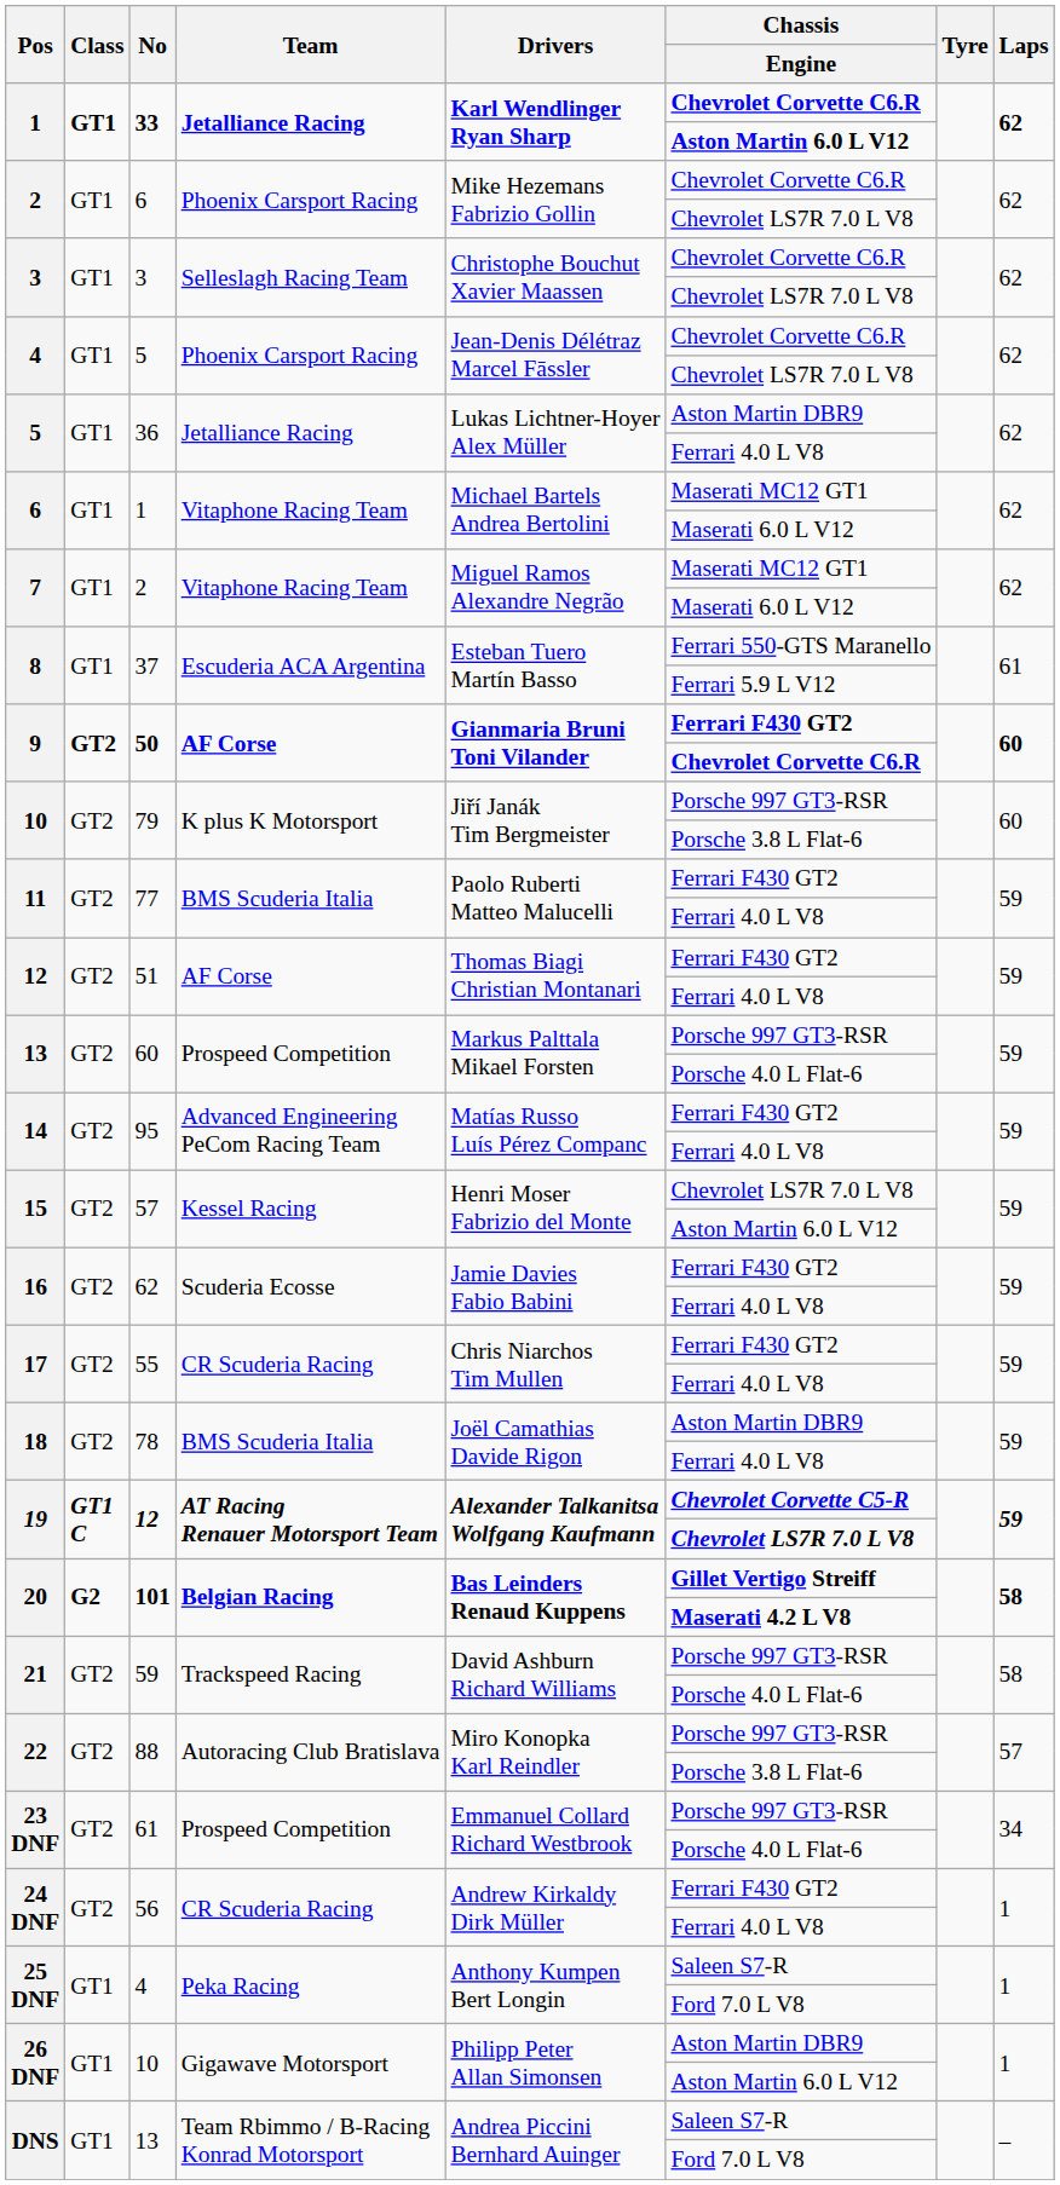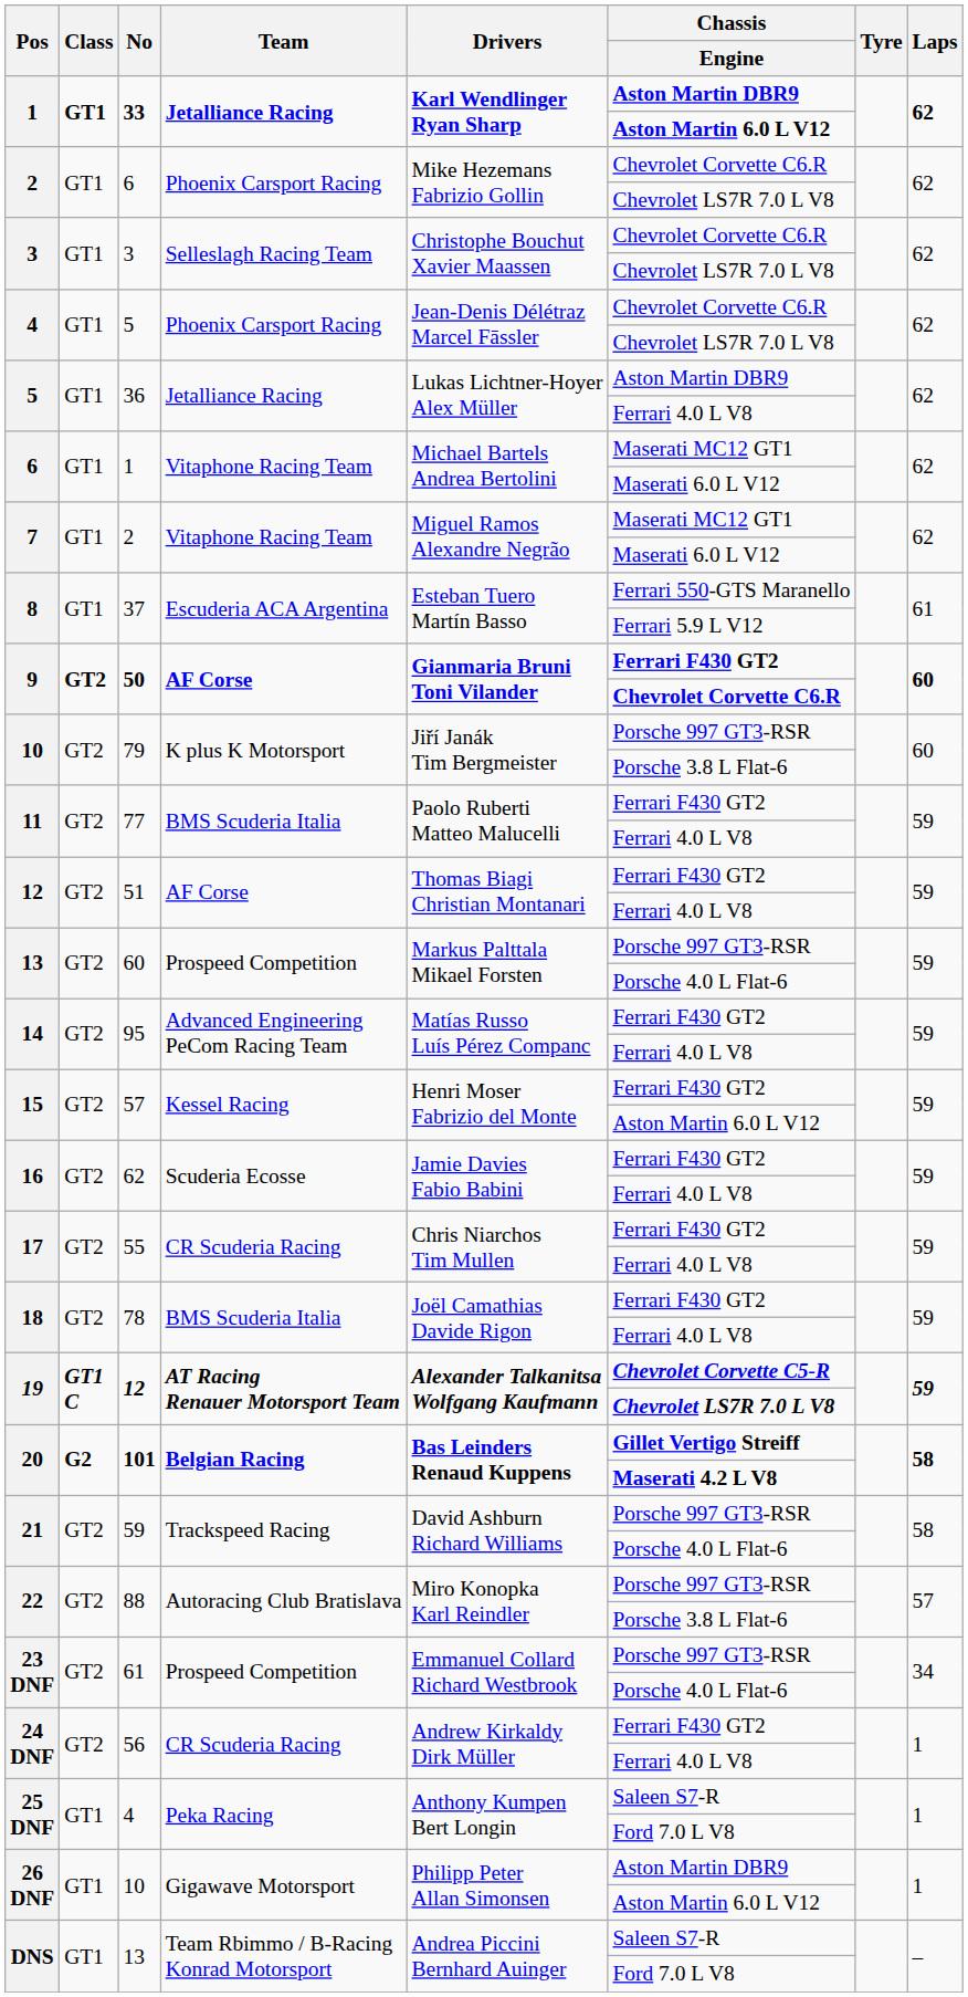 <table class="wikitable" style="font-size: 95%;">
 <tr>
 <th rowspan=2>Pos</th>
 <th rowspan=2>Class</th>
 <th rowspan=2>No</th>
 <th rowspan=2>Team</th>
 <th rowspan=2>Drivers</th>
 <th>Chassis</th>
 <th rowspan=2>Tyre</th>
 <th rowspan=2>Laps</th>
 </tr>
 <tr>
 <th>Engine</th>
 </tr>
 <tr style="font-weight:bold">
 <th rowspan=2>1</th>
 <td rowspan=2>GT1</td>
 <td rowspan=2>33</td>
 <td rowspan=2> <a href='#'>Jetalliance Racing</a></td>
 <td rowspan=2> <a href='#'>Karl Wendlinger</a><br> <a href='#'>Ryan Sharp</a></td>
-<td><a href='#'>Chevrolet Corvette C6.R</a></td>
+<td><a href='#'>Aston Martin DBR9</a></td>
 <td rowspan=2></td>
 <td rowspan=2>62</td>
 </tr>
 <tr style="font-weight:bold">
 <td><a href='#'>Aston Martin</a> 6.0 L V12</td>
 </tr>
 <tr>
 <th rowspan=2>2</th>
 <td rowspan=2>GT1</td>
 <td rowspan=2>6</td>
 <td rowspan=2> <a href='#'>Phoenix Carsport Racing</a></td>
 <td rowspan=2> Mike Hezemans<br> <a href='#'>Fabrizio Gollin</a></td>
 <td><a href='#'>Chevrolet Corvette C6.R</a></td>
 <td rowspan=2></td>
 <td rowspan=2>62</td>
 </tr>
 <tr>
 <td><a href='#'>Chevrolet</a> LS7R 7.0 L V8</td>
 </tr>
 <tr>
 <th rowspan=2>3</th>
 <td rowspan=2>GT1</td>
 <td rowspan=2>3</td>
 <td rowspan=2> <a href='#'>Selleslagh Racing Team</a></td>
 <td rowspan=2> <a href='#'>Christophe Bouchut</a><br> <a href='#'>Xavier Maassen</a></td>
 <td><a href='#'>Chevrolet Corvette C6.R</a></td>
 <td rowspan=2></td>
 <td rowspan=2>62</td>
 </tr>
 <tr>
 <td><a href='#'>Chevrolet</a> LS7R 7.0 L V8</td>
 </tr>
 <tr>
 <th rowspan=2>4</th>
 <td rowspan=2>GT1</td>
 <td rowspan=2>5</td>
 <td rowspan=2> <a href='#'>Phoenix Carsport Racing</a></td>
 <td rowspan=2> <a href='#'>Jean-Denis Délétraz</a><br> <a href='#'>Marcel Fāssler</a></td>
 <td><a href='#'>Chevrolet Corvette C6.R</a></td>
 <td rowspan=2></td>
 <td rowspan=2>62</td>
 </tr>
 <tr>
 <td><a href='#'>Chevrolet</a> LS7R 7.0 L V8</td>
 </tr>
 <tr>
 <th rowspan=2>5</th>
 <td rowspan=2>GT1</td>
 <td rowspan=2>36</td>
 <td rowspan=2> <a href='#'>Jetalliance Racing</a></td>
 <td rowspan=2> Lukas Lichtner-Hoyer<br> <a href='#'>Alex Müller</a></td>
 <td><a href='#'>Aston Martin DBR9</a></td>
 <td rowspan=2></td>
 <td rowspan=2>62</td>
 </tr>
 <tr>
 <td><a href='#'>Ferrari</a> 4.0 L V8</td>
 </tr>
 <tr>
 <th rowspan=2>6</th>
 <td rowspan=2>GT1</td>
 <td rowspan=2>1</td>
 <td rowspan=2> <a href='#'>Vitaphone Racing Team</a></td>
 <td rowspan=2> <a href='#'>Michael Bartels</a><br> <a href='#'>Andrea Bertolini</a></td>
 <td><a href='#'>Maserati MC12</a> GT1</td>
 <td rowspan=2></td>
 <td rowspan=2>62</td>
 </tr>
 <tr>
 <td><a href='#'>Maserati</a> 6.0 L V12</td>
 </tr>
 <tr>
 <th rowspan=2>7</th>
 <td rowspan=2>GT1</td>
 <td rowspan=2>2</td>
 <td rowspan=2> <a href='#'>Vitaphone Racing Team</a></td>
 <td rowspan=2> <a href='#'>Miguel Ramos</a><br> <a href='#'>Alexandre Negrão</a></td>
 <td><a href='#'>Maserati MC12</a> GT1</td>
 <td rowspan=2></td>
 <td rowspan=2>62</td>
 </tr>
 <tr>
 <td><a href='#'>Maserati</a> 6.0 L V12</td>
 </tr>
 <tr>
 <th rowspan=2>8</th>
 <td rowspan=2>GT1</td>
 <td rowspan=2>37</td>
 <td rowspan=2> <a href='#'>Escuderia ACA Argentina</a></td>
 <td rowspan=2> <a href='#'>Esteban Tuero</a><br> Martín Basso</td>
 <td><a href='#'>Ferrari 550</a>-GTS Maranello</td>
 <td rowspan=2></td>
 <td rowspan=2>61</td>
 </tr>
 <tr>
 <td><a href='#'>Ferrari</a> 5.9 L V12</td>
 </tr>
 <tr style="font-weight:bold">
 <th rowspan=2>9</th>
 <td rowspan=2>GT2</td>
 <td rowspan=2>50</td>
 <td rowspan=2> <a href='#'>AF Corse</a></td>
 <td rowspan=2> <a href='#'>Gianmaria Bruni</a><br> <a href='#'>Toni Vilander</a></td>
 <td><a href='#'>Ferrari F430</a> GT2</td>
 <td rowspan=2></td>
 <td rowspan=2>60</td>
 </tr>
 <tr style="font-weight:bold">
 <td><a href='#'>Chevrolet Corvette C6.R</a></td>
 </tr>
 <tr>
 <th rowspan=2>10</th>
 <td rowspan=2>GT2</td>
 <td rowspan=2>79</td>
 <td rowspan=2> K plus K Motorsport</td>
 <td rowspan=2> Jiří Janák<br> Tim Bergmeister</td>
 <td><a href='#'>Porsche 997 GT3</a>-RSR</td>
 <td rowspan=2></td>
 <td rowspan=2>60</td>
 </tr>
 <tr>
 <td><a href='#'>Porsche</a> 3.8 L Flat-6</td>
 </tr>
 <tr>
 <th rowspan=2>11</th>
 <td rowspan=2>GT2</td>
 <td rowspan=2>77</td>
 <td rowspan=2> <a href='#'>BMS Scuderia Italia</a></td>
 <td rowspan=2> Paolo Ruberti<br> Matteo Malucelli</td>
 <td><a href='#'>Ferrari F430</a> GT2</td>
 <td rowspan=2></td>
 <td rowspan=2>59</td>
 </tr>
 <tr>
 <td><a href='#'>Ferrari</a> 4.0 L V8</td>
 </tr>
 <tr>
 <th rowspan=2>12</th>
 <td rowspan=2>GT2</td>
 <td rowspan=2>51</td>
 <td rowspan=2> <a href='#'>AF Corse</a></td>
 <td rowspan=2> <a href='#'>Thomas Biagi</a><br> <a href='#'>Christian Montanari</a></td>
 <td><a href='#'>Ferrari F430</a> GT2</td>
 <td rowspan=2></td>
 <td rowspan=2>59</td>
 </tr>
 <tr>
 <td><a href='#'>Ferrari</a> 4.0 L V8</td>
 </tr>
 <tr>
 <th rowspan=2>13</th>
 <td rowspan=2>GT2</td>
 <td rowspan=2>60</td>
 <td rowspan=2> Prospeed Competition</td>
 <td rowspan=2> <a href='#'>Markus Palttala</a><br> Mikael Forsten</td>
 <td><a href='#'>Porsche 997 GT3</a>-RSR</td>
 <td rowspan=2></td>
 <td rowspan=2>59</td>
 </tr>
 <tr>
 <td><a href='#'>Porsche</a> 4.0 L Flat-6</td>
 </tr>
 <tr>
 <th rowspan=2>14</th>
 <td rowspan=2>GT2</td>
 <td rowspan=2>95</td>
 <td rowspan=2> <a href='#'>Advanced Engineering</a><br> PeCom Racing Team</td>
 <td rowspan=2> <a href='#'>Matías Russo</a><br> <a href='#'>Luís Pérez Companc</a></td>
 <td><a href='#'>Ferrari F430</a> GT2</td>
 <td rowspan=2></td>
 <td rowspan=2>59</td>
 </tr>
 <tr>
 <td><a href='#'>Ferrari</a> 4.0 L V8</td>
 </tr>
 <tr>
 <th rowspan=2>15</th>
 <td rowspan=2>GT2</td>
 <td rowspan=2>57</td>
 <td rowspan=2> <a href='#'>Kessel Racing</a></td>
 <td rowspan=2> Henri Moser<br> <a href='#'>Fabrizio del Monte</a></td>
-<td><a href='#'>Chevrolet</a> LS7R 7.0 L V8</td>
+<td><a href='#'>Ferrari F430</a> GT2</td>
 <td rowspan=2></td>
 <td rowspan=2>59</td>
 </tr>
 <tr>
 <td><a href='#'>Aston Martin</a> 6.0 L V12</td>
 </tr>
 <tr>
 <th rowspan=2>16</th>
 <td rowspan=2>GT2</td>
 <td rowspan=2>62</td>
 <td rowspan=2> Scuderia Ecosse</td>
 <td rowspan=2> <a href='#'>Jamie Davies</a><br> <a href='#'>Fabio Babini</a></td>
 <td><a href='#'>Ferrari F430</a> GT2</td>
 <td rowspan=2></td>
 <td rowspan=2>59</td>
 </tr>
 <tr>
 <td><a href='#'>Ferrari</a> 4.0 L V8</td>
 </tr>
 <tr>
 <th rowspan=2>17</th>
 <td rowspan=2>GT2</td>
 <td rowspan=2>55</td>
 <td rowspan=2> <a href='#'>CR Scuderia Racing</a></td>
 <td rowspan=2> Chris Niarchos<br> <a href='#'>Tim Mullen</a></td>
 <td><a href='#'>Ferrari F430</a> GT2</td>
 <td rowspan=2></td>
 <td rowspan=2>59</td>
 </tr>
 <tr>
 <td><a href='#'>Ferrari</a> 4.0 L V8</td>
 </tr>
 <tr>
 <th rowspan=2>18</th>
 <td rowspan=2>GT2</td>
 <td rowspan=2>78</td>
 <td rowspan=2> <a href='#'>BMS Scuderia Italia</a></td>
 <td rowspan=2> <a href='#'>Joël Camathias</a><br> <a href='#'>Davide Rigon</a></td>
-<td><a href='#'>Aston Martin DBR9</a></td>
+<td><a href='#'>Ferrari F430</a> GT2</td>
 <td rowspan=2></td>
 <td rowspan=2>59</td>
 </tr>
 <tr>
 <td><a href='#'>Ferrari</a> 4.0 L V8</td>
 </tr>
 <tr style="font-weight:bold">
 <th rowspan=2><em>19</em></th>
 <td rowspan=2><em>GT1<br>C</em></td>
 <td rowspan=2><em>12</em></td>
 <td rowspan=2><em> AT Racing<br> Renauer Motorsport Team</em></td>
 <td rowspan=2><em> Alexander Talkanitsa<br> Wolfgang Kaufmann</em></td>
 <td><em><a href='#'>Chevrolet Corvette C5-R</a></em></td>
 <td rowspan=2></td>
 <td rowspan=2><em>59</em></td>
 </tr>
 <tr style="font-weight:bold">
 <td><em><a href='#'>Chevrolet</a> LS7R 7.0 L V8</em></td>
 </tr>
 <tr style="font-weight:bold">
 <th rowspan=2>20</th>
 <td rowspan=2>G2</td>
 <td rowspan=2>101</td>
 <td rowspan=2> <a href='#'>Belgian Racing</a></td>
 <td rowspan=2> <a href='#'>Bas Leinders</a><br> Renaud Kuppens</td>
 <td><a href='#'>Gillet Vertigo</a> Streiff</td>
 <td rowspan=2></td>
 <td rowspan=2>58</td>
 </tr>
 <tr style="font-weight:bold">
 <td><a href='#'>Maserati</a> 4.2 L V8</td>
 </tr>
 <tr>
 <th rowspan=2>21</th>
 <td rowspan=2>GT2</td>
 <td rowspan=2>59</td>
 <td rowspan=2> Trackspeed Racing</td>
 <td rowspan=2> David Ashburn<br> <a href='#'>Richard Williams</a></td>
 <td><a href='#'>Porsche 997 GT3</a>-RSR</td>
 <td rowspan=2></td>
 <td rowspan=2>58</td>
 </tr>
 <tr>
 <td><a href='#'>Porsche</a> 4.0 L Flat-6</td>
 </tr>
 <tr>
 <th rowspan=2>22</th>
 <td rowspan=2>GT2</td>
 <td rowspan=2>88</td>
 <td rowspan=2> Autoracing Club Bratislava</td>
 <td rowspan=2> Miro Konopka<br> <a href='#'>Karl Reindler</a></td>
 <td><a href='#'>Porsche 997 GT3</a>-RSR</td>
 <td rowspan=2></td>
 <td rowspan=2>57</td>
 </tr>
 <tr>
 <td><a href='#'>Porsche</a> 3.8 L Flat-6</td>
 </tr>
 <tr>
 <th rowspan=2>23<br>DNF</th>
 <td rowspan=2>GT2</td>
 <td rowspan=2>61</td>
 <td rowspan=2> Prospeed Competition</td>
 <td rowspan=2> <a href='#'>Emmanuel Collard</a><br> <a href='#'>Richard Westbrook</a></td>
 <td><a href='#'>Porsche 997 GT3</a>-RSR</td>
 <td rowspan=2></td>
 <td rowspan=2>34</td>
 </tr>
 <tr>
 <td><a href='#'>Porsche</a> 4.0 L Flat-6</td>
 </tr>
 <tr>
 <th rowspan=2>24<br>DNF</th>
 <td rowspan=2>GT2</td>
 <td rowspan=2>56</td>
 <td rowspan=2> <a href='#'>CR Scuderia Racing</a></td>
 <td rowspan=2> <a href='#'>Andrew Kirkaldy</a><br> <a href='#'>Dirk Müller</a></td>
 <td><a href='#'>Ferrari F430</a> GT2</td>
 <td rowspan=2></td>
 <td rowspan=2>1</td>
 </tr>
 <tr>
 <td><a href='#'>Ferrari</a> 4.0 L V8</td>
 </tr>
 <tr>
 <th rowspan=2>25<br>DNF</th>
 <td rowspan=2>GT1</td>
 <td rowspan=2>4</td>
 <td rowspan=2> <a href='#'>Peka Racing</a></td>
 <td rowspan=2> <a href='#'>Anthony Kumpen</a><br> Bert Longin</td>
 <td><a href='#'>Saleen S7</a>-R</td>
 <td rowspan=2></td>
 <td rowspan=2>1</td>
 </tr>
 <tr>
 <td><a href='#'>Ford</a> 7.0 L V8</td>
 </tr>
 <tr>
 <th rowspan=2>26<br>DNF</th>
 <td rowspan=2>GT1</td>
 <td rowspan=2>10</td>
 <td rowspan=2> Gigawave Motorsport</td>
 <td rowspan=2> <a href='#'>Philipp Peter</a><br> <a href='#'>Allan Simonsen</a></td>
 <td><a href='#'>Aston Martin DBR9</a></td>
 <td rowspan=2></td>
 <td rowspan=2>1</td>
 </tr>
 <tr>
 <td><a href='#'>Aston Martin</a> 6.0 L V12</td>
 </tr>
 <tr>
 <th rowspan=2>DNS</th>
 <td rowspan=2>GT1</td>
 <td rowspan=2>13</td>
 <td rowspan=2> Team Rbimmo / B-Racing<br> <a href='#'>Konrad Motorsport</a></td>
 <td rowspan=2> <a href='#'>Andrea Piccini</a><br> <a href='#'>Bernhard Auinger</a></td>
 <td><a href='#'>Saleen S7</a>-R</td>
 <td rowspan=2></td>
 <td rowspan=2>–</td>
 </tr>
 <tr>
 <td><a href='#'>Ford</a> 7.0 L V8</td>
 </tr>
 </table>
